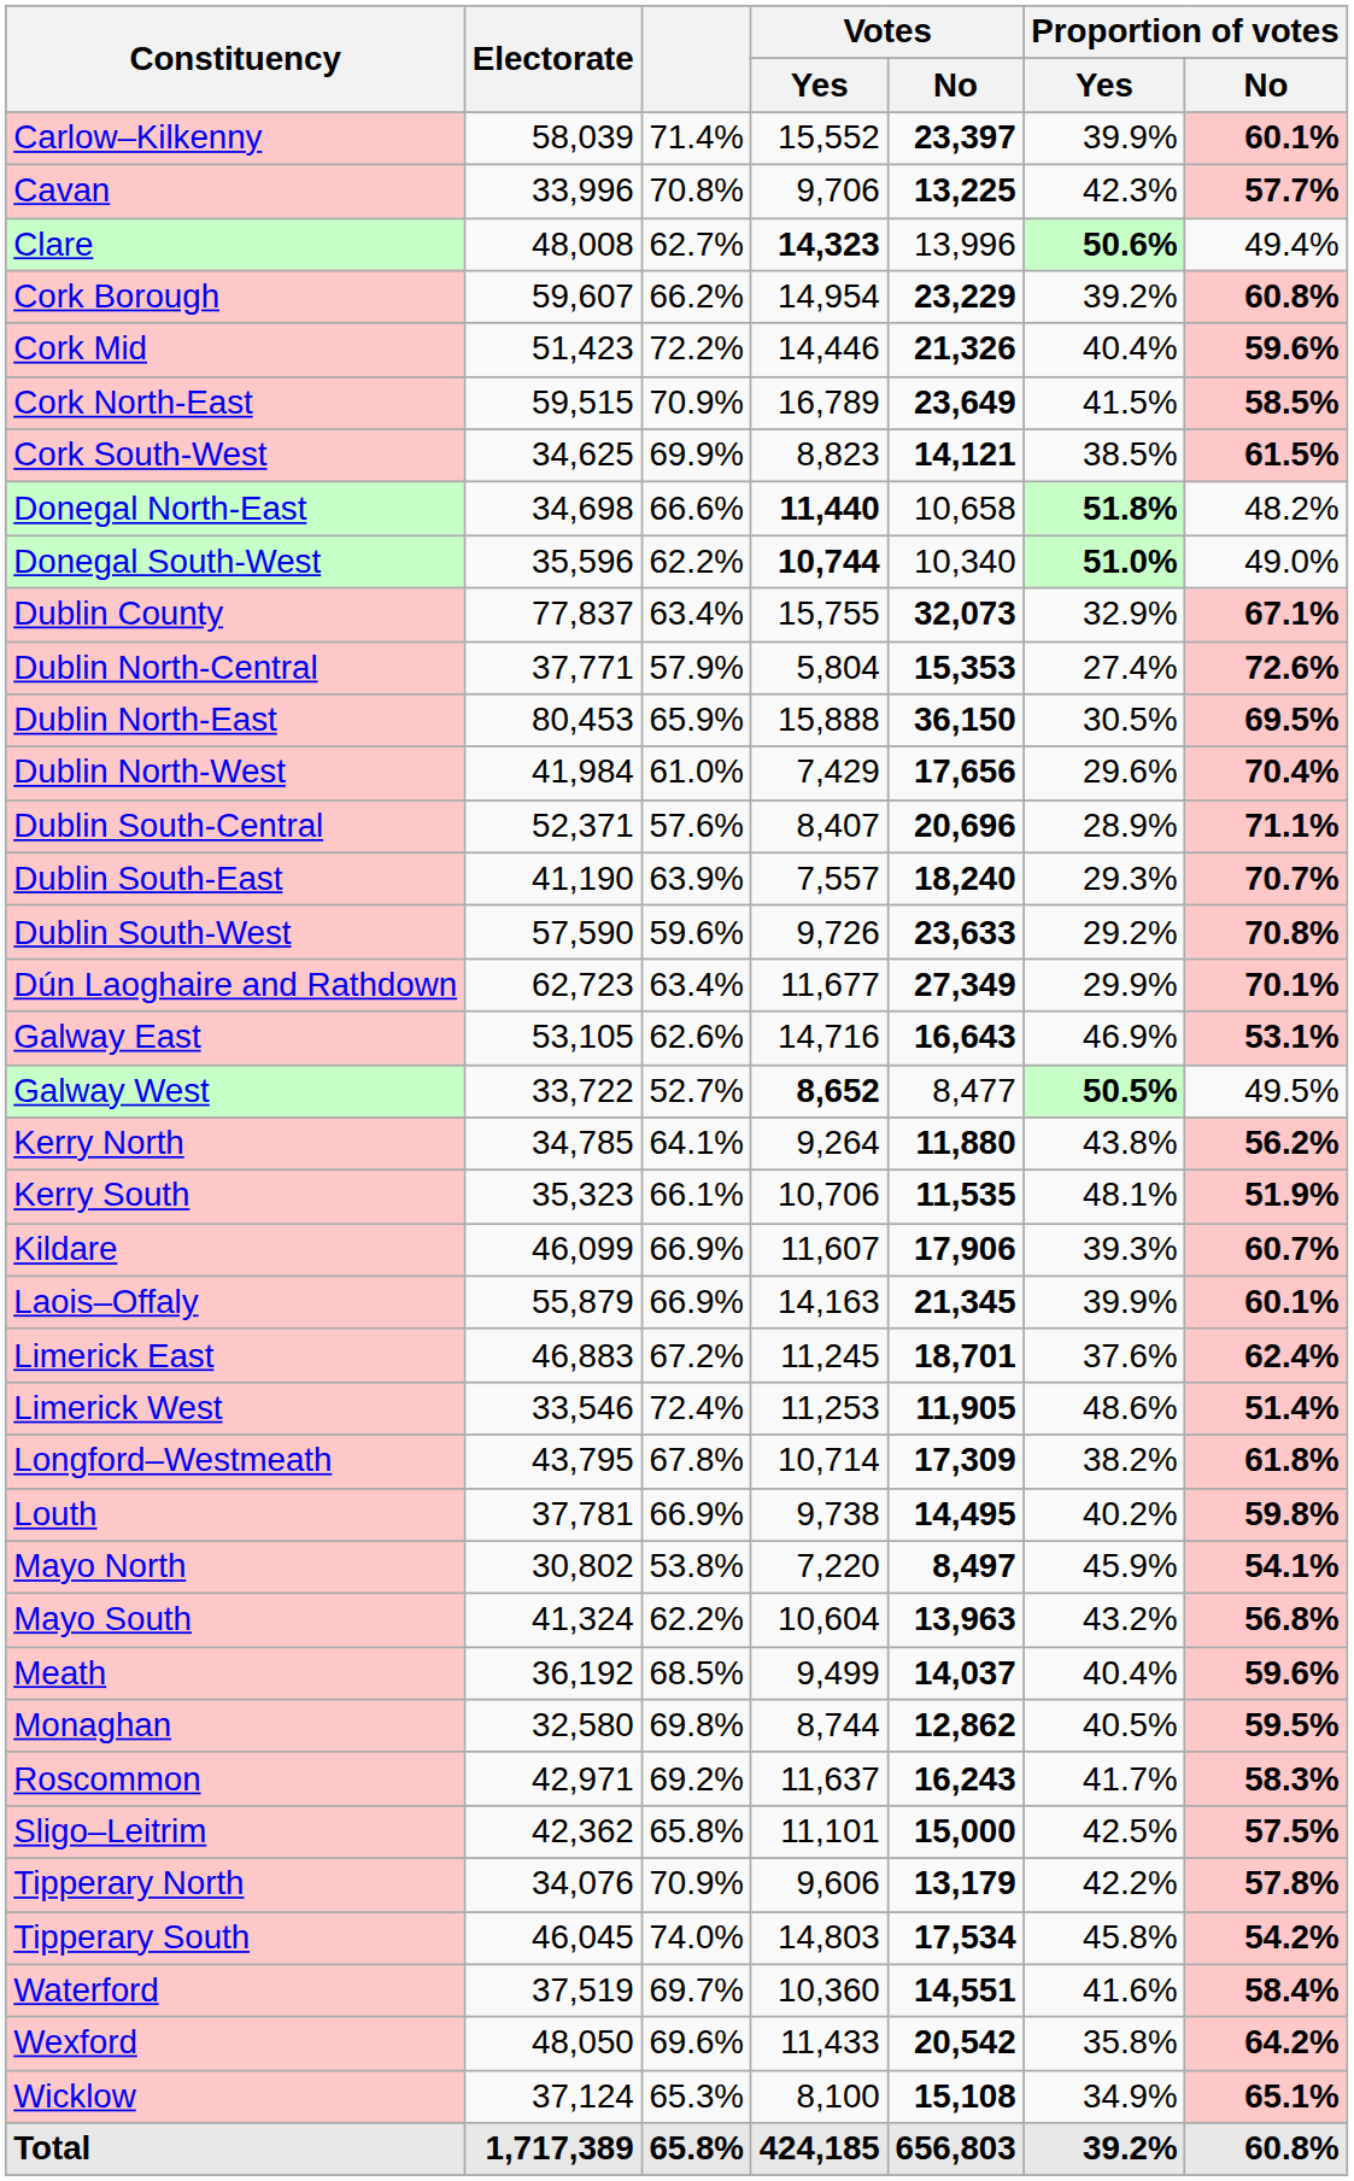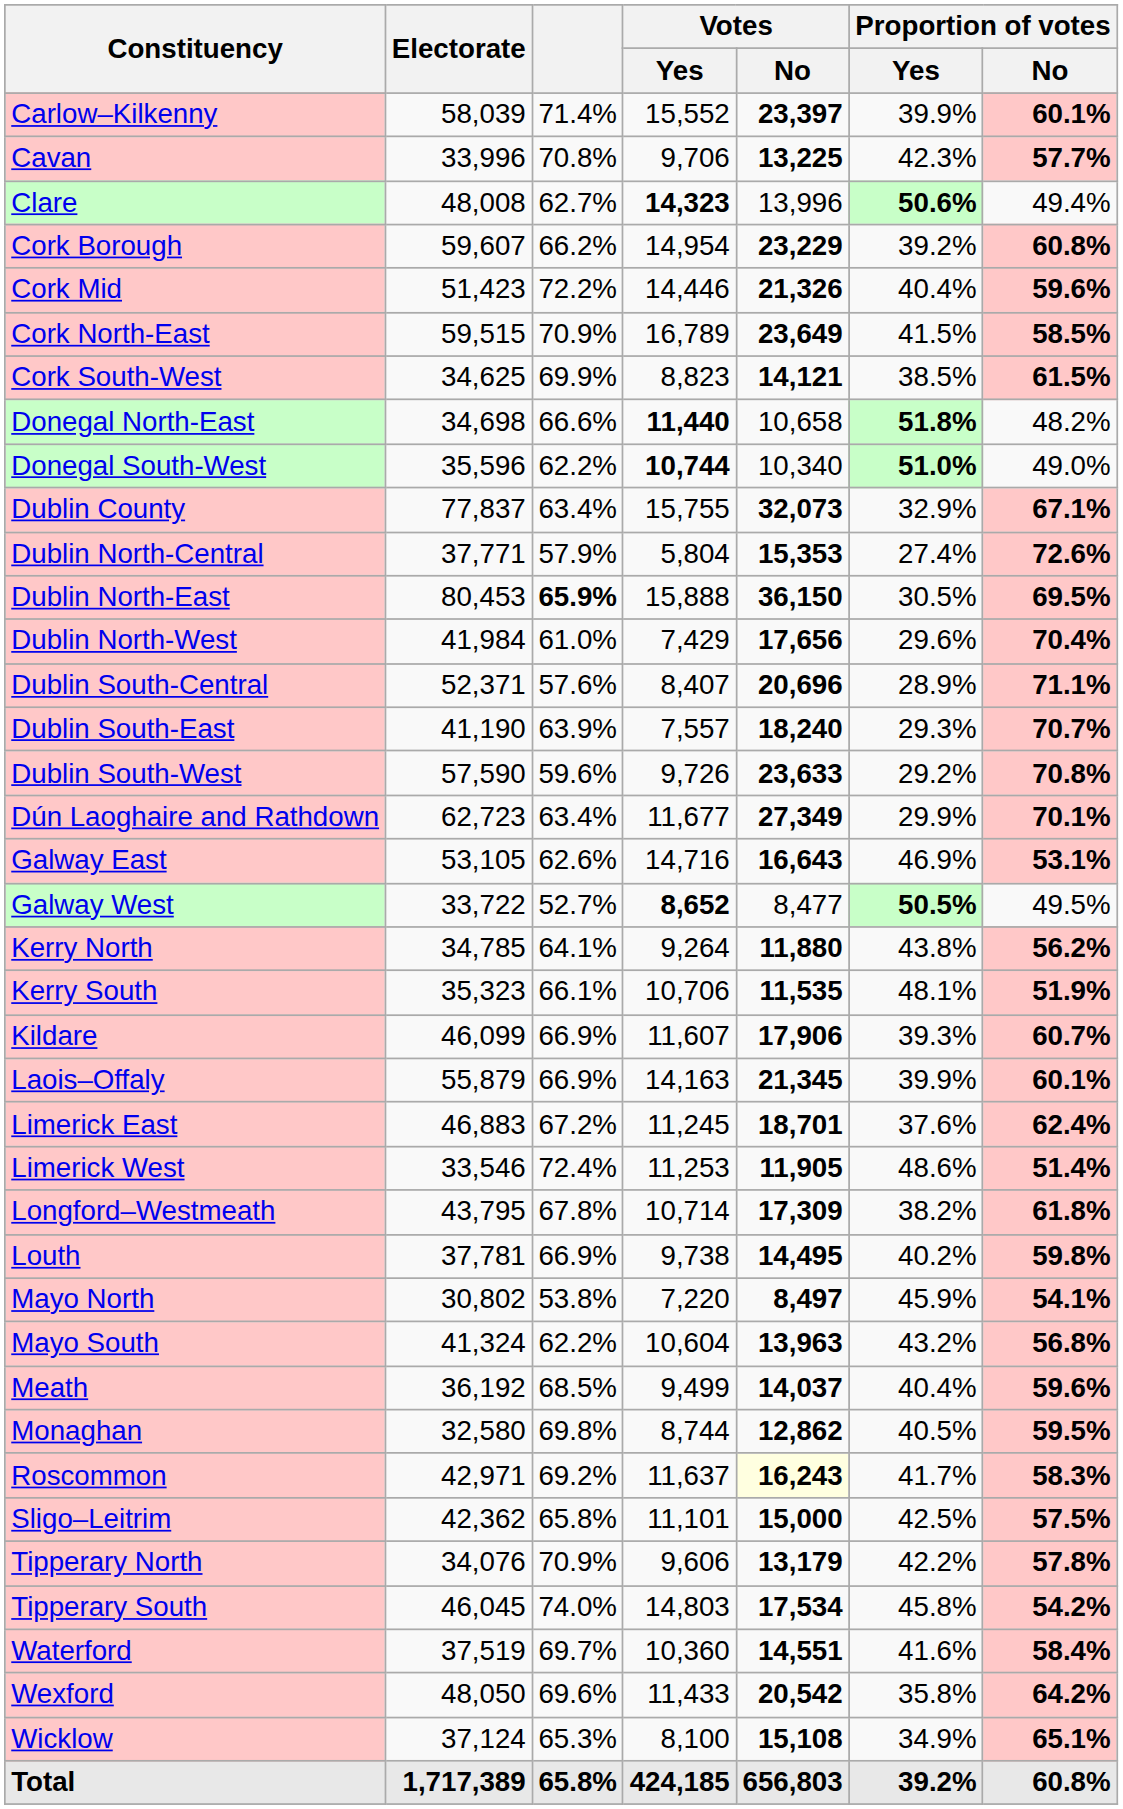 <table class="wikitable sortable">
 <tr>
 <th rowspan=2>Constituency</th>
 <th rowspan=2>Electorate</th>
 <th rowspan=2></th>
 <th colspan=2>Votes</th>
 <th colspan=2>Proportion of votes</th>
 </tr>
 <tr>
 <th>Yes</th>
 <th>No</th>
 <th>Yes</th>
 <th>No</th>
 </tr>
 <tr>
 <td style="background:#ffc8c8;"><a href='#'>Carlow–Kilkenny</a></td>
 <td style="text-align: right;">58,039</td>
 <td style="text-align: right;">71.4%</td>
 <td style="text-align: right;">15,552</td>
 <td style="text-align: right;"><strong>23,397</strong></td>
 <td style="text-align: right;">39.9%</td>
 <td style="text-align: right; background:#ffc8c8;"><strong>60.1%</strong></td>
 </tr>
 <tr>
 <td style="background:#ffc8c8;"><a href='#'>Cavan</a></td>
 <td style="text-align: right;">33,996</td>
 <td style="text-align: right;">70.8%</td>
 <td style="text-align: right;">9,706</td>
 <td style="text-align: right;"><strong>13,225</strong></td>
 <td style="text-align: right;">42.3%</td>
 <td style="text-align: right; background:#ffc8c8;"><strong>57.7%</strong></td>
 </tr>
 <tr>
 <td style="background:#c8ffc8;"><a href='#'>Clare</a></td>
 <td style="text-align: right;">48,008</td>
 <td style="text-align: right;">62.7%</td>
 <td style="text-align: right;"><strong>14,323</strong></td>
 <td style="text-align: right;">13,996</td>
 <td style="text-align: right; background:#c8ffc8;"><strong>50.6%</strong></td>
 <td style="text-align: right;">49.4%</td>
 </tr>
 <tr>
 <td style="background:#ffc8c8;"><a href='#'>Cork Borough</a></td>
 <td style="text-align: right;">59,607</td>
 <td style="text-align: right;">66.2%</td>
 <td style="text-align: right;">14,954</td>
 <td style="text-align: right;"><strong>23,229</strong></td>
 <td style="text-align: right;">39.2%</td>
 <td style="text-align: right; background:#ffc8c8;"><strong>60.8%</strong></td>
 </tr>
 <tr>
 <td style="background:#ffc8c8;"><a href='#'>Cork Mid</a></td>
 <td style="text-align: right;">51,423</td>
 <td style="text-align: right;">72.2%</td>
 <td style="text-align: right;">14,446</td>
 <td style="text-align: right;"><strong>21,326</strong></td>
 <td style="text-align: right;">40.4%</td>
 <td style="text-align: right; background:#ffc8c8;"><strong>59.6%</strong></td>
 </tr>
 <tr>
 <td style="background:#ffc8c8;"><a href='#'>Cork North-East</a></td>
 <td style="text-align: right;">59,515</td>
 <td style="text-align: right;">70.9%</td>
 <td style="text-align: right;">16,789</td>
 <td style="text-align: right;"><strong>23,649</strong></td>
 <td style="text-align: right;">41.5%</td>
 <td style="text-align: right; background:#ffc8c8;"><strong>58.5%</strong></td>
 </tr>
 <tr>
 <td style="background:#ffc8c8;"><a href='#'>Cork South-West</a></td>
 <td style="text-align: right;">34,625</td>
 <td style="text-align: right;">69.9%</td>
 <td style="text-align: right;">8,823</td>
 <td style="text-align: right;"><strong>14,121</strong></td>
 <td style="text-align: right;">38.5%</td>
 <td style="text-align: right; background:#ffc8c8;"><strong>61.5%</strong></td>
 </tr>
 <tr>
 <td style="background:#c8ffc8;"><a href='#'>Donegal North-East</a></td>
 <td style="text-align: right;">34,698</td>
 <td style="text-align: right;">66.6%</td>
 <td style="text-align: right;"><strong>11,440</strong></td>
 <td style="text-align: right;">10,658</td>
 <td style="text-align: right; background:#c8ffc8;"><strong>51.8%</strong></td>
 <td style="text-align: right;">48.2%</td>
 </tr>
 <tr>
 <td style="background:#c8ffc8;"><a href='#'>Donegal South-West</a></td>
 <td style="text-align: right;">35,596</td>
 <td style="text-align: right;">62.2%</td>
 <td style="text-align: right;"><strong>10,744</strong></td>
 <td style="text-align: right;">10,340</td>
 <td style="text-align: right; background:#c8ffc8;"><strong>51.0%</strong></td>
 <td style="text-align: right;">49.0%</td>
 </tr>
 <tr>
 <td style="background:#ffc8c8;"><a href='#'>Dublin County</a></td>
 <td style="text-align: right;">77,837</td>
 <td style="text-align: right;">63.4%</td>
 <td style="text-align: right;">15,755</td>
 <td style="text-align: right;"><strong>32,073</strong></td>
 <td style="text-align: right;">32.9%</td>
 <td style="text-align: right; background:#ffc8c8;"><strong>67.1%</strong></td>
 </tr>
 <tr>
 <td style="background:#ffc8c8;"><a href='#'>Dublin North-Central</a></td>
 <td style="text-align: right;">37,771</td>
 <td style="text-align: right;">57.9%</td>
 <td style="text-align: right;">5,804</td>
 <td style="text-align: right;"><strong>15,353</strong></td>
 <td style="text-align: right;">27.4%</td>
 <td style="text-align: right; background:#ffc8c8;"><strong>72.6%</strong></td>
 </tr>
 <tr>
 <td style="background:#ffc8c8;"><a href='#'>Dublin North-East</a></td>
 <td style="text-align: right;">80,453</td>
-<td style="text-align: right;">65.9%</td>
+<td style="text-align: right;"><strong>65.9%</strong></td>
 <td style="text-align: right;">15,888</td>
 <td style="text-align: right;"><strong>36,150</strong></td>
 <td style="text-align: right;">30.5%</td>
 <td style="text-align: right; background:#ffc8c8;"><strong>69.5%</strong></td>
 </tr>
 <tr>
 <td style="background:#ffc8c8;"><a href='#'>Dublin North-West</a></td>
 <td style="text-align: right;">41,984</td>
 <td style="text-align: right;">61.0%</td>
 <td style="text-align: right;">7,429</td>
 <td style="text-align: right;"><strong>17,656</strong></td>
 <td style="text-align: right;">29.6%</td>
 <td style="text-align: right; background:#ffc8c8;"><strong>70.4%</strong></td>
 </tr>
 <tr>
 <td style="background:#ffc8c8;"><a href='#'>Dublin South-Central</a></td>
 <td style="text-align: right;">52,371</td>
 <td style="text-align: right;">57.6%</td>
 <td style="text-align: right;">8,407</td>
 <td style="text-align: right;"><strong>20,696</strong></td>
 <td style="text-align: right;">28.9%</td>
 <td style="text-align: right; background:#ffc8c8;"><strong>71.1%</strong></td>
 </tr>
 <tr>
 <td style="background:#ffc8c8;"><a href='#'>Dublin South-East</a></td>
 <td style="text-align: right;">41,190</td>
 <td style="text-align: right;">63.9%</td>
 <td style="text-align: right;">7,557</td>
 <td style="text-align: right;"><strong>18,240</strong></td>
 <td style="text-align: right;">29.3%</td>
 <td style="text-align: right; background:#ffc8c8;"><strong>70.7%</strong></td>
 </tr>
 <tr>
 <td style="background:#ffc8c8;"><a href='#'>Dublin South-West</a></td>
 <td style="text-align: right;">57,590</td>
 <td style="text-align: right;">59.6%</td>
 <td style="text-align: right;">9,726</td>
 <td style="text-align: right;"><strong>23,633</strong></td>
 <td style="text-align: right;">29.2%</td>
 <td style="text-align: right; background:#ffc8c8;"><strong>70.8%</strong></td>
 </tr>
 <tr>
 <td style="background:#ffc8c8;"><a href='#'>Dún Laoghaire and Rathdown</a></td>
 <td style="text-align: right;">62,723</td>
 <td style="text-align: right;">63.4%</td>
 <td style="text-align: right;">11,677</td>
 <td style="text-align: right;"><strong>27,349</strong></td>
 <td style="text-align: right;">29.9%</td>
 <td style="text-align: right; background:#ffc8c8;"><strong>70.1%</strong></td>
 </tr>
 <tr>
 <td style="background:#ffc8c8;"><a href='#'>Galway East</a></td>
 <td style="text-align: right;">53,105</td>
 <td style="text-align: right;">62.6%</td>
 <td style="text-align: right;">14,716</td>
 <td style="text-align: right;"><strong>16,643</strong></td>
 <td style="text-align: right;">46.9%</td>
 <td style="text-align: right; background:#ffc8c8;"><strong>53.1%</strong></td>
 </tr>
 <tr>
 <td style="background:#c8ffc8;"><a href='#'>Galway West</a></td>
 <td style="text-align: right;">33,722</td>
 <td style="text-align: right;">52.7%</td>
 <td style="text-align: right;"><strong>8,652</strong></td>
 <td style="text-align: right;">8,477</td>
 <td style="text-align: right; background:#c8ffc8;"><strong>50.5%</strong></td>
 <td style="text-align: right;">49.5%</td>
 </tr>
 <tr>
 <td style="background:#ffc8c8;"><a href='#'>Kerry North</a></td>
 <td style="text-align: right;">34,785</td>
 <td style="text-align: right;">64.1%</td>
 <td style="text-align: right;">9,264</td>
 <td style="text-align: right;"><strong>11,880</strong></td>
 <td style="text-align: right;">43.8%</td>
 <td style="text-align: right; background:#ffc8c8;"><strong>56.2%</strong></td>
 </tr>
 <tr>
 <td style="background:#ffc8c8;"><a href='#'>Kerry South</a></td>
 <td style="text-align: right;">35,323</td>
 <td style="text-align: right;">66.1%</td>
 <td style="text-align: right;">10,706</td>
 <td style="text-align: right;"><strong>11,535</strong></td>
 <td style="text-align: right;">48.1%</td>
 <td style="text-align: right; background:#ffc8c8;"><strong>51.9%</strong></td>
 </tr>
 <tr>
 <td style="background:#ffc8c8;"><a href='#'>Kildare</a></td>
 <td style="text-align: right;">46,099</td>
 <td style="text-align: right;">66.9%</td>
 <td style="text-align: right;">11,607</td>
 <td style="text-align: right;"><strong>17,906</strong></td>
 <td style="text-align: right;">39.3%</td>
 <td style="text-align: right; background:#ffc8c8;"><strong>60.7%</strong></td>
 </tr>
 <tr>
 <td style="background:#ffc8c8;"><a href='#'>Laois–Offaly</a></td>
 <td style="text-align: right;">55,879</td>
 <td style="text-align: right;">66.9%</td>
 <td style="text-align: right;">14,163</td>
 <td style="text-align: right;"><strong>21,345</strong></td>
 <td style="text-align: right;">39.9%</td>
 <td style="text-align: right; background:#ffc8c8;"><strong>60.1%</strong></td>
 </tr>
 <tr>
 <td style="background:#ffc8c8;"><a href='#'>Limerick East</a></td>
 <td style="text-align: right;">46,883</td>
 <td style="text-align: right;">67.2%</td>
 <td style="text-align: right;">11,245</td>
 <td style="text-align: right;"><strong>18,701</strong></td>
 <td style="text-align: right;">37.6%</td>
 <td style="text-align: right; background:#ffc8c8;"><strong>62.4%</strong></td>
 </tr>
 <tr>
 <td style="background:#ffc8c8;"><a href='#'>Limerick West</a></td>
 <td style="text-align: right;">33,546</td>
 <td style="text-align: right;">72.4%</td>
 <td style="text-align: right;">11,253</td>
 <td style="text-align: right;"><strong>11,905</strong></td>
 <td style="text-align: right;">48.6%</td>
 <td style="text-align: right; background:#ffc8c8;"><strong>51.4%</strong></td>
 </tr>
 <tr>
 <td style="background:#ffc8c8;"><a href='#'>Longford–Westmeath</a></td>
 <td style="text-align: right;">43,795</td>
 <td style="text-align: right;">67.8%</td>
 <td style="text-align: right;">10,714</td>
 <td style="text-align: right;"><strong>17,309</strong></td>
 <td style="text-align: right;">38.2%</td>
 <td style="text-align: right; background:#ffc8c8;"><strong>61.8%</strong></td>
 </tr>
 <tr>
 <td style="background:#ffc8c8;"><a href='#'>Louth</a></td>
 <td style="text-align: right;">37,781</td>
 <td style="text-align: right;">66.9%</td>
 <td style="text-align: right;">9,738</td>
 <td style="text-align: right;"><strong>14,495</strong></td>
 <td style="text-align: right;">40.2%</td>
 <td style="text-align: right; background:#ffc8c8;"><strong>59.8%</strong></td>
 </tr>
 <tr>
 <td style="background:#ffc8c8;"><a href='#'>Mayo North</a></td>
 <td style="text-align: right;">30,802</td>
 <td style="text-align: right;">53.8%</td>
 <td style="text-align: right;">7,220</td>
 <td style="text-align: right;"><strong>8,497</strong></td>
 <td style="text-align: right;">45.9%</td>
 <td style="text-align: right; background:#ffc8c8;"><strong>54.1%</strong></td>
 </tr>
 <tr>
 <td style="background:#ffc8c8;"><a href='#'>Mayo South</a></td>
 <td style="text-align: right;">41,324</td>
 <td style="text-align: right;">62.2%</td>
 <td style="text-align: right;">10,604</td>
 <td style="text-align: right;"><strong>13,963</strong></td>
 <td style="text-align: right;">43.2%</td>
 <td style="text-align: right; background:#ffc8c8;"><strong>56.8%</strong></td>
 </tr>
 <tr>
 <td style="background:#ffc8c8;"><a href='#'>Meath</a></td>
 <td style="text-align: right;">36,192</td>
 <td style="text-align: right;">68.5%</td>
 <td style="text-align: right;">9,499</td>
 <td style="text-align: right;"><strong>14,037</strong></td>
 <td style="text-align: right;">40.4%</td>
 <td style="text-align: right; background:#ffc8c8;"><strong>59.6%</strong></td>
 </tr>
 <tr>
 <td style="background:#ffc8c8;"><a href='#'>Monaghan</a></td>
 <td style="text-align: right;">32,580</td>
 <td style="text-align: right;">69.8%</td>
 <td style="text-align: right;">8,744</td>
 <td style="text-align: right;"><strong>12,862</strong></td>
 <td style="text-align: right;">40.5%</td>
 <td style="text-align: right; background:#ffc8c8;"><strong>59.5%</strong></td>
 </tr>
 <tr>
 <td style="background:#ffc8c8;"><a href='#'>Roscommon</a></td>
 <td style="text-align: right;">42,971</td>
 <td style="text-align: right;">69.2%</td>
 <td style="text-align: right;">11,637</td>
-<td style="text-align: right;"><strong>16,243</strong></td>
+<td style="background: lightyellow; text-align: right;"><strong>16,243</strong></td>
 <td style="text-align: right;">41.7%</td>
 <td style="text-align: right; background:#ffc8c8;"><strong>58.3%</strong></td>
 </tr>
 <tr>
 <td style="background:#ffc8c8;"><a href='#'>Sligo–Leitrim</a></td>
 <td style="text-align: right;">42,362</td>
 <td style="text-align: right;">65.8%</td>
 <td style="text-align: right;">11,101</td>
 <td style="text-align: right;"><strong>15,000</strong></td>
 <td style="text-align: right;">42.5%</td>
 <td style="text-align: right; background:#ffc8c8;"><strong>57.5%</strong></td>
 </tr>
 <tr>
 <td style="background:#ffc8c8;"><a href='#'>Tipperary North</a></td>
 <td style="text-align: right;">34,076</td>
 <td style="text-align: right;">70.9%</td>
 <td style="text-align: right;">9,606</td>
 <td style="text-align: right;"><strong>13,179</strong></td>
 <td style="text-align: right;">42.2%</td>
 <td style="text-align: right; background:#ffc8c8;"><strong>57.8%</strong></td>
 </tr>
 <tr>
 <td style="background:#ffc8c8;"><a href='#'>Tipperary South</a></td>
 <td style="text-align: right;">46,045</td>
 <td style="text-align: right;">74.0%</td>
 <td style="text-align: right;">14,803</td>
 <td style="text-align: right;"><strong>17,534</strong></td>
 <td style="text-align: right;">45.8%</td>
 <td style="text-align: right; background:#ffc8c8;"><strong>54.2%</strong></td>
 </tr>
 <tr>
 <td style="background:#ffc8c8;"><a href='#'>Waterford</a></td>
 <td style="text-align: right;">37,519</td>
 <td style="text-align: right;">69.7%</td>
 <td style="text-align: right;">10,360</td>
 <td style="text-align: right;"><strong>14,551</strong></td>
 <td style="text-align: right;">41.6%</td>
 <td style="text-align: right; background:#ffc8c8;"><strong>58.4%</strong></td>
 </tr>
 <tr>
 <td style="background:#ffc8c8;"><a href='#'>Wexford</a></td>
 <td style="text-align: right;">48,050</td>
 <td style="text-align: right;">69.6%</td>
 <td style="text-align: right;">11,433</td>
 <td style="text-align: right;"><strong>20,542</strong></td>
 <td style="text-align: right;">35.8%</td>
 <td style="text-align: right; background:#ffc8c8;"><strong>64.2%</strong></td>
 </tr>
 <tr>
 <td style="background:#ffc8c8;"><a href='#'>Wicklow</a></td>
 <td style="text-align: right;">37,124</td>
 <td style="text-align: right;">65.3%</td>
 <td style="text-align: right;">8,100</td>
 <td style="text-align: right;"><strong>15,108</strong></td>
 <td style="text-align: right;">34.9%</td>
 <td style="text-align: right; background:#ffc8c8;"><strong>65.1%</strong></td>
 </tr>
 <tr class="sortbottom" style="font-weight:bold; background:rgb(232,232,232);">
 <td>Total</td>
 <td style="text-align: right;">1,717,389</td>
 <td style="text-align: right;">65.8%</td>
 <td style="text-align: right;">424,185</td>
 <td style="text-align: right;">656,803</td>
 <td style="text-align: right;">39.2%</td>
 <td style="text-align: right;">60.8%</td>
 </tr>
 </table>
